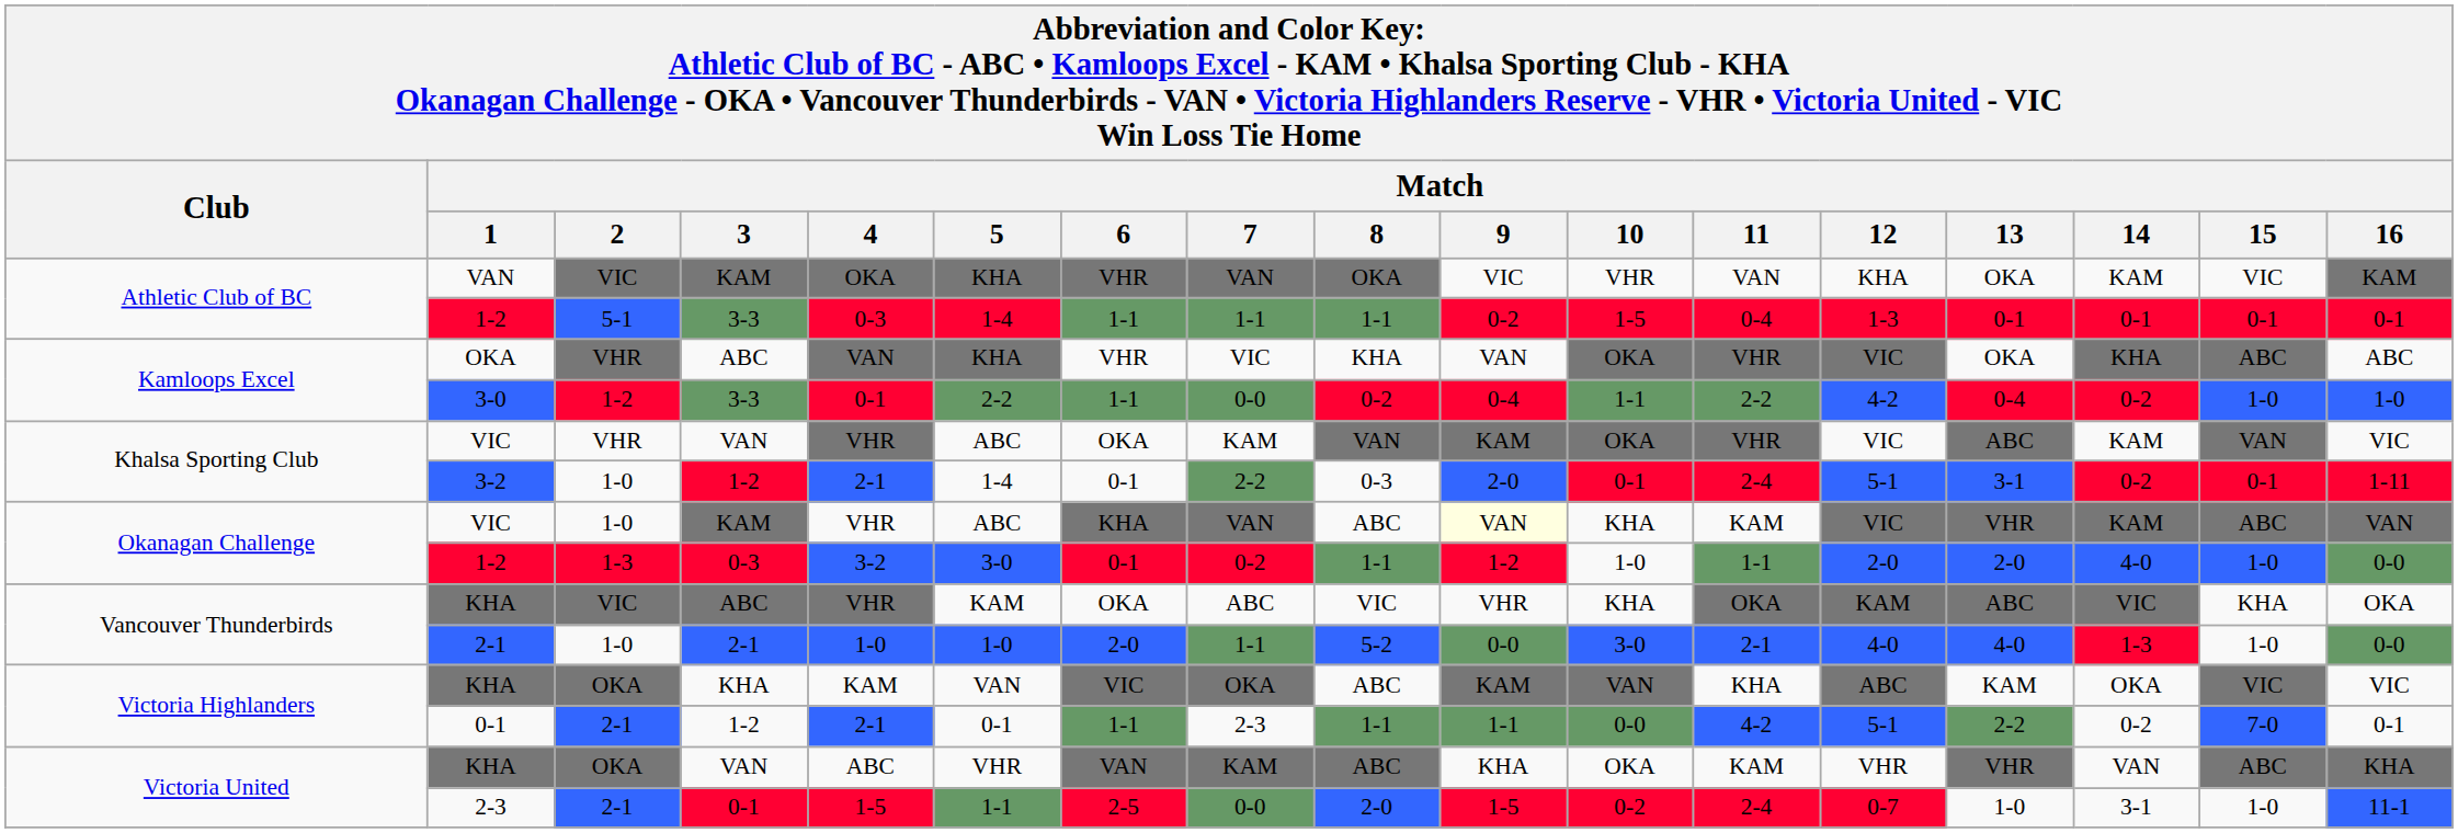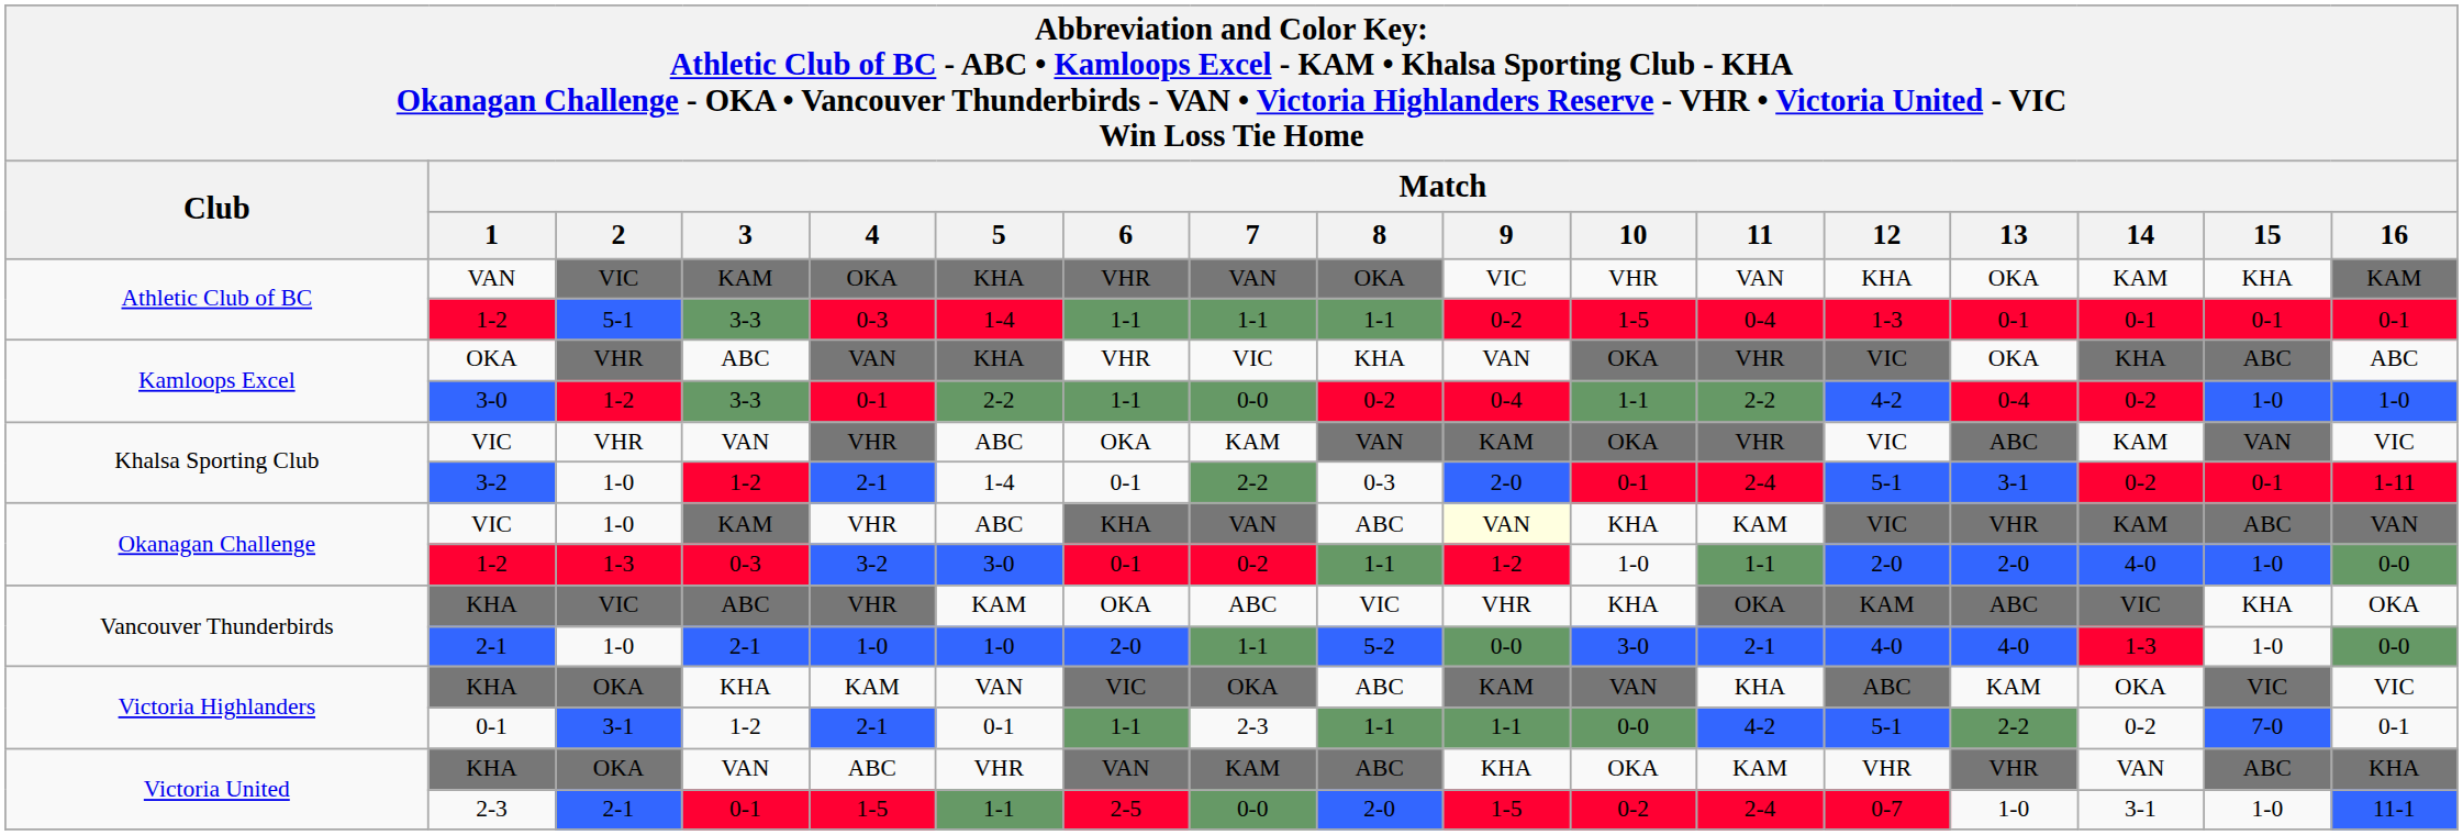 <table class="wikitable" style="text-align:center;width=80%">
 <tr>
 <th colspan="29">Abbreviation and Color Key:<br><a href='#'>Athletic Club of BC</a> - ABC • <a href='#'>Kamloops Excel</a> - KAM • Khalsa Sporting Club - KHA <br> <a href='#'>Okanagan Challenge</a> - OKA • Vancouver Thunderbirds - VAN • <a href='#'>Victoria Highlanders Reserve</a> - VHR • <a href='#'>Victoria United</a> - VIC<br><span>Win</span>  <span>Loss</span>  <span>Tie</span> <span>Home</span></th>
 </tr>
 <tr>
 <th width="10%" rowspan="2">Club</th>
 <th width="90%" colspan="16">Match</th>
 </tr>
 <tr style="background-color:#CCCCCC; font-size: 90%">
 <th width="3%">1</th>
 <th width="3%">2</th>
 <th width="3%">3</th>
 <th width="3%">4</th>
 <th width="3%">5</th>
 <th width="3%">6</th>
 <th width="3%">7</th>
 <th width="3%">8</th>
 <th width="3%">9</th>
 <th width="3%">10</th>
 <th width="3%">11</th>
 <th width="3%">12</th>
 <th width="3%">13</th>
 <th width="3%">14</th>
 <th width="3%">15</th>
 <th width="3%">16<br></th>
 </tr>
 <tr style="font-size: 75%">
 <td rowspan="2"><a href='#'>Athletic Club of BC</a></td>
 <td>VAN</td>
 <td bgcolor=#777777>VIC</td>
 <td bgcolor=#777777>KAM</td>
 <td bgcolor=#777777>OKA</td>
 <td bgcolor=#777777>KHA</td>
 <td bgcolor=#777777>VHR</td>
 <td bgcolor=#777777>VAN</td>
 <td bgcolor=#777777>OKA</td>
 <td>VIC</td>
 <td>VHR</td>
 <td>VAN</td>
 <td>KHA</td>
 <td>OKA</td>
 <td>KAM</td>
-<td>VIC</td>
+<td>KHA</td>
 <td bgcolor=#777777>KAM</td>
 </tr>
 <tr style="font-size: 75%">
 <td bgcolor=#ff0033>1-2</td>
 <td bgcolor=#3366ff>5-1</td>
 <td bgcolor=#669966>3-3</td>
 <td bgcolor=#ff0033>0-3</td>
 <td bgcolor=#ff0033>1-4</td>
 <td bgcolor=#669966>1-1</td>
 <td bgcolor=#669966>1-1</td>
 <td bgcolor=#669966>1-1</td>
 <td bgcolor=#ff0033>0-2</td>
 <td bgcolor=#ff0033>1-5</td>
 <td bgcolor=#ff0033>0-4</td>
 <td bgcolor=#ff0033>1-3</td>
 <td bgcolor=#ff0033>0-1</td>
 <td bgcolor=#ff0033>0-1</td>
 <td bgcolor=#ff0033>0-1</td>
 <td bgcolor=#ff0033>0-1</td>
 </tr>
 <tr style="font-size: 75%">
 <td rowspan="2"><a href='#'>Kamloops Excel</a></td>
 <td>OKA</td>
 <td bgcolor=#777777>VHR</td>
 <td>ABC</td>
 <td bgcolor=#777777>VAN</td>
 <td bgcolor=#777777>KHA</td>
 <td>VHR</td>
 <td>VIC</td>
 <td>KHA</td>
 <td>VAN</td>
 <td bgcolor=#777777>OKA</td>
 <td bgcolor=#777777>VHR</td>
 <td bgcolor=#777777>VIC</td>
 <td>OKA</td>
 <td bgcolor=#777777>KHA</td>
 <td bgcolor=#777777>ABC</td>
 <td>ABC</td>
 </tr>
 <tr style="font-size: 75%">
 <td bgcolor=#3366ff>3-0</td>
 <td bgcolor=#ff0033>1-2</td>
 <td bgcolor=#669966>3-3</td>
 <td bgcolor=#ff0033>0-1</td>
 <td bgcolor=#669966>2-2</td>
 <td bgcolor=#669966>1-1</td>
 <td bgcolor=#669966>0-0</td>
 <td bgcolor=#ff0033>0-2</td>
 <td bgcolor=#ff0033>0-4</td>
 <td bgcolor=#669966>1-1</td>
 <td bgcolor=#669966>2-2</td>
 <td bgcolor=#3366ff>4-2</td>
 <td bgcolor=#ff0033>0-4</td>
 <td bgcolor=#ff0033>0-2</td>
 <td bgcolor=#3366ff>1-0</td>
 <td bgcolor=#3366ff>1-0</td>
 </tr>
 <tr style="font-size: 75%">
 <td rowspan="2">Khalsa Sporting Club</td>
 <td>VIC</td>
 <td>VHR</td>
 <td>VAN</td>
 <td bgcolor=#777777>VHR</td>
 <td>ABC</td>
 <td>OKA</td>
 <td>KAM</td>
 <td bgcolor=#777777>VAN</td>
 <td bgcolor=#777777>KAM</td>
 <td bgcolor=#777777>OKA</td>
 <td bgcolor=#777777>VHR</td>
 <td>VIC</td>
 <td bgcolor=#777777>ABC</td>
 <td>KAM</td>
 <td bgcolor=#777777>VAN</td>
 <td>VIC</td>
 </tr>
 <tr style="font-size: 75%">
 <td bgcolor=#3366ff>3-2</td>
 <td>1-0</td>
 <td bgcolor=#ff0033>1-2</td>
 <td bgcolor=#3366ff>2-1</td>
 <td>1-4</td>
 <td>0-1</td>
 <td bgcolor=#669966>2-2</td>
 <td>0-3</td>
 <td bgcolor=#3366ff>2-0</td>
 <td bgcolor=#ff0033>0-1</td>
 <td bgcolor=#ff0033>2-4</td>
 <td bgcolor=#3366ff>5-1</td>
 <td bgcolor=#3366ff>3-1</td>
 <td bgcolor=#ff0033>0-2</td>
 <td bgcolor=#ff0033>0-1</td>
 <td bgcolor=#ff0033>1-11</td>
 </tr>
 <tr style="font-size: 75%">
 <td rowspan="2"><a href='#'>Okanagan Challenge</a></td>
 <td>VIC</td>
 <td>1-0</td>
 <td bgcolor=#777777>KAM</td>
 <td>VHR</td>
 <td>ABC</td>
 <td bgcolor=#777777>KHA</td>
 <td bgcolor=#777777>VAN</td>
 <td>ABC</td>
 <td style="background: lightyellow;">VAN</td>
 <td>KHA</td>
 <td>KAM</td>
 <td bgcolor=#777777>VIC</td>
 <td bgcolor=#777777>VHR</td>
 <td bgcolor=#777777>KAM</td>
 <td bgcolor=#777777>ABC</td>
 <td bgcolor=#777777>VAN</td>
 </tr>
 <tr style="font-size: 75%">
 <td bgcolor=#ff0033>1-2</td>
 <td bgcolor=#ff0033>1-3</td>
 <td bgcolor=#ff0033>0-3</td>
 <td bgcolor=#3366ff>3-2</td>
 <td bgcolor=#3366ff>3-0</td>
 <td bgcolor=#ff0033>0-1</td>
 <td bgcolor=#ff0033>0-2</td>
 <td bgcolor=#669966>1-1</td>
 <td bgcolor=#ff0033>1-2</td>
 <td>1-0</td>
 <td bgcolor=#669966>1-1</td>
 <td bgcolor=#3366ff>2-0</td>
 <td bgcolor=#3366ff>2-0</td>
 <td bgcolor=#3366ff>4-0</td>
 <td bgcolor=#3366ff>1-0</td>
 <td bgcolor=#669966>0-0</td>
 </tr>
 <tr style="font-size: 75%">
 <td rowspan="2">Vancouver Thunderbirds</td>
 <td bgcolor=#777777>KHA</td>
 <td bgcolor=#777777>VIC</td>
 <td bgcolor=#777777>ABC</td>
 <td bgcolor=#777777>VHR</td>
 <td>KAM</td>
 <td>OKA</td>
 <td>ABC</td>
 <td>VIC</td>
 <td>VHR</td>
 <td>KHA</td>
 <td bgcolor=#777777>OKA</td>
 <td bgcolor=#777777>KAM</td>
 <td bgcolor=#777777>ABC</td>
 <td bgcolor=#777777>VIC</td>
 <td>KHA</td>
 <td>OKA</td>
 </tr>
 <tr style="font-size: 75%">
 <td bgcolor=#3366ff>2-1</td>
 <td>1-0</td>
 <td bgcolor=#3366ff>2-1</td>
 <td bgcolor=#3366ff>1-0</td>
 <td bgcolor=#3366ff>1-0</td>
 <td bgcolor=#3366ff>2-0</td>
 <td bgcolor=#669966>1-1</td>
 <td bgcolor=#3366ff>5-2</td>
 <td bgcolor=#669966>0-0</td>
 <td bgcolor=#3366ff>3-0</td>
 <td bgcolor=#3366ff>2-1</td>
 <td bgcolor=#3366ff>4-0</td>
 <td bgcolor=#3366ff>4-0</td>
 <td bgcolor=#ff0033>1-3</td>
 <td>1-0</td>
 <td bgcolor=#669966>0-0</td>
 </tr>
 <tr style="font-size: 75%">
 <td rowspan="2"><a href='#'>Victoria Highlanders</a></td>
 <td bgcolor=#777777>KHA</td>
 <td bgcolor=#777777>OKA</td>
 <td>KHA</td>
 <td>KAM</td>
 <td>VAN</td>
 <td bgcolor=#777777>VIC</td>
 <td bgcolor=#777777>OKA</td>
 <td>ABC</td>
 <td bgcolor=#777777>KAM</td>
 <td bgcolor=#777777>VAN</td>
 <td>KHA</td>
 <td bgcolor=#777777>ABC</td>
 <td>KAM</td>
 <td>OKA</td>
 <td bgcolor=#777777>VIC</td>
 <td>VIC</td>
 </tr>
 <tr style="font-size: 75%">
 <td>0-1</td>
-<td bgcolor=#3366ff>2-1</td>
+<td bgcolor=#3366ff>3-1</td>
 <td>1-2</td>
 <td bgcolor=#3366ff>2-1</td>
 <td>0-1</td>
 <td bgcolor=#669966>1-1</td>
 <td>2-3</td>
 <td bgcolor=#669966>1-1</td>
 <td bgcolor=#669966>1-1</td>
 <td bgcolor=#669966>0-0</td>
 <td bgcolor=#3366ff>4-2</td>
 <td bgcolor=#3366ff>5-1</td>
 <td bgcolor=#669966>2-2</td>
 <td>0-2</td>
 <td bgcolor=#3366ff>7-0</td>
 <td>0-1</td>
 </tr>
 <tr style="font-size: 75%">
 <td rowspan="2"><a href='#'>Victoria United</a></td>
 <td bgcolor=#777777>KHA</td>
 <td bgcolor=#777777>OKA</td>
 <td>VAN</td>
 <td>ABC</td>
 <td>VHR</td>
 <td bgcolor=#777777>VAN</td>
 <td bgcolor=#777777>KAM</td>
 <td bgcolor=#777777>ABC</td>
 <td>KHA</td>
 <td>OKA</td>
 <td>KAM</td>
 <td>VHR</td>
 <td bgcolor=#777777>VHR</td>
 <td>VAN</td>
 <td bgcolor=#777777>ABC</td>
 <td bgcolor=#777777>KHA</td>
 </tr>
 <tr style="font-size: 75%">
 <td>2-3</td>
 <td bgcolor=#3366ff>2-1</td>
 <td bgcolor=#ff0033>0-1</td>
 <td bgcolor=#ff0033>1-5</td>
 <td bgcolor=#669966>1-1</td>
 <td bgcolor=#ff0033>2-5</td>
 <td bgcolor=#669966>0-0</td>
 <td bgcolor=#3366ff>2-0</td>
 <td bgcolor=#ff0033>1-5</td>
 <td bgcolor=#ff0033>0-2</td>
 <td bgcolor=#ff0033>2-4</td>
 <td bgcolor=#ff0033>0-7</td>
 <td>1-0</td>
 <td>3-1</td>
 <td>1-0</td>
 <td bgcolor=#3366ff>11-1</td>
 </tr>
 </table>
